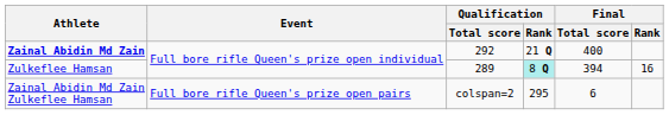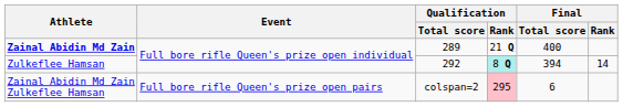 <table class="wikitable" style="font-size:90%;">
 <tr>
 <th rowspan=2>Athlete</th>
 <th rowspan=2>Event</th>
 <th colspan=2>Qualification</th>
 <th colspan=2>Final</th>
 </tr>
 <tr>
 <th>Total score</th>
 <th>Rank</th>
 <th>Total score</th>
 <th>Rank</th>
 </tr>
 <tr align=center>
 <td align=left><strong><a href='#'>Zainal Abidin Md Zain</a></strong></td>
 <td align=left rowspan=2><a href='#'>Full bore rifle Queen's prize open individual</a></td>
-<td>292</td>
+<td>289</td>
 <td>21 <strong>Q</strong></td>
 <td>400</td>
 <td></td>
 </tr>
 <tr align=center>
 <td align=left><a href='#'>Zulkeflee Hamsan</a></td>
-<td>289</td>
+<td>292</td>
 <td style="background: paleturquoise;">8 <strong>Q</strong></td>
 <td>394</td>
-<td>16</td>
+<td>14</td>
 </tr>
 <tr align=center>
 <td align=left><a href='#'>Zainal Abidin Md Zain</a><br><a href='#'>Zulkeflee Hamsan</a></td>
 <td align=left><a href='#'>Full bore rifle Queen's prize open pairs</a></td>
 <td>colspan=2 </td>
-<td>295</td>
+<td style="background: pink;">295</td>
 <td>6</td>
 </tr>
 </table>
